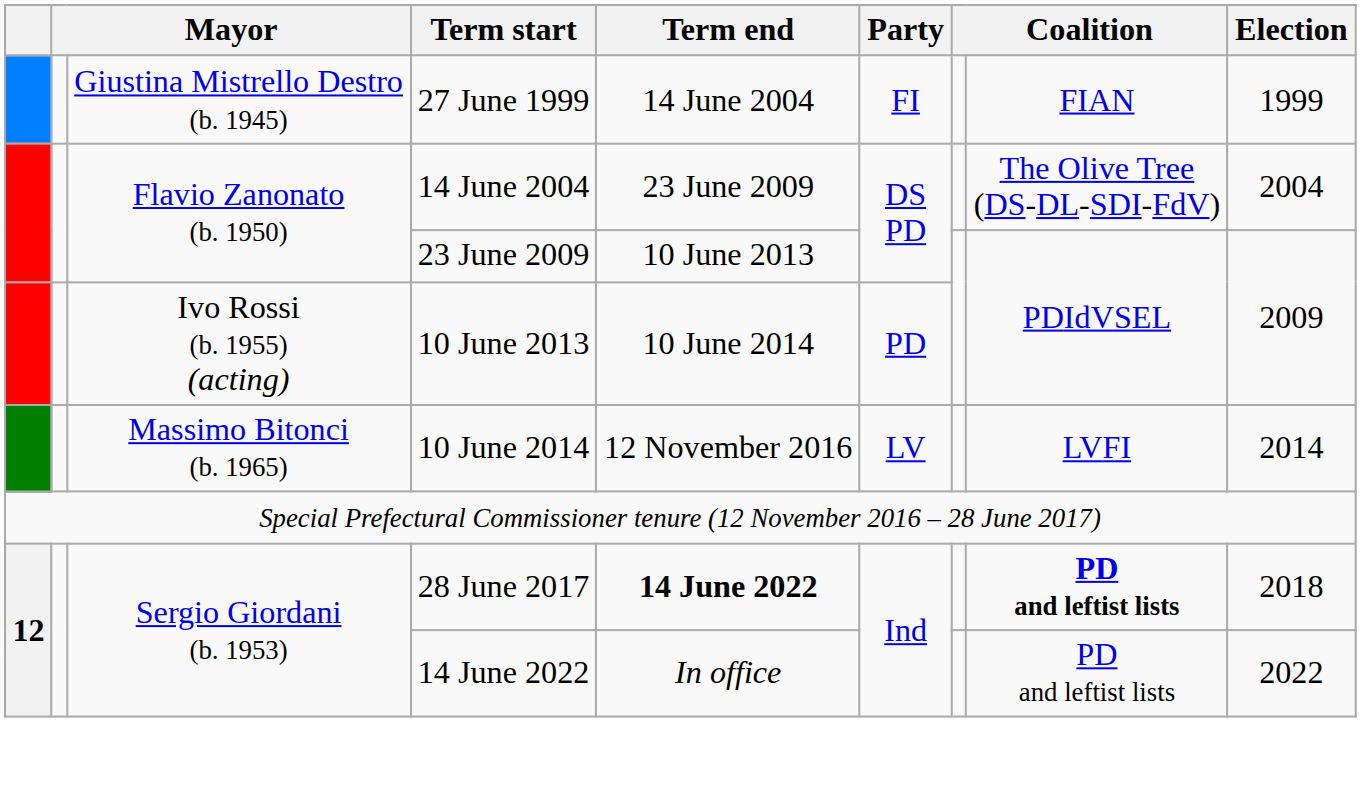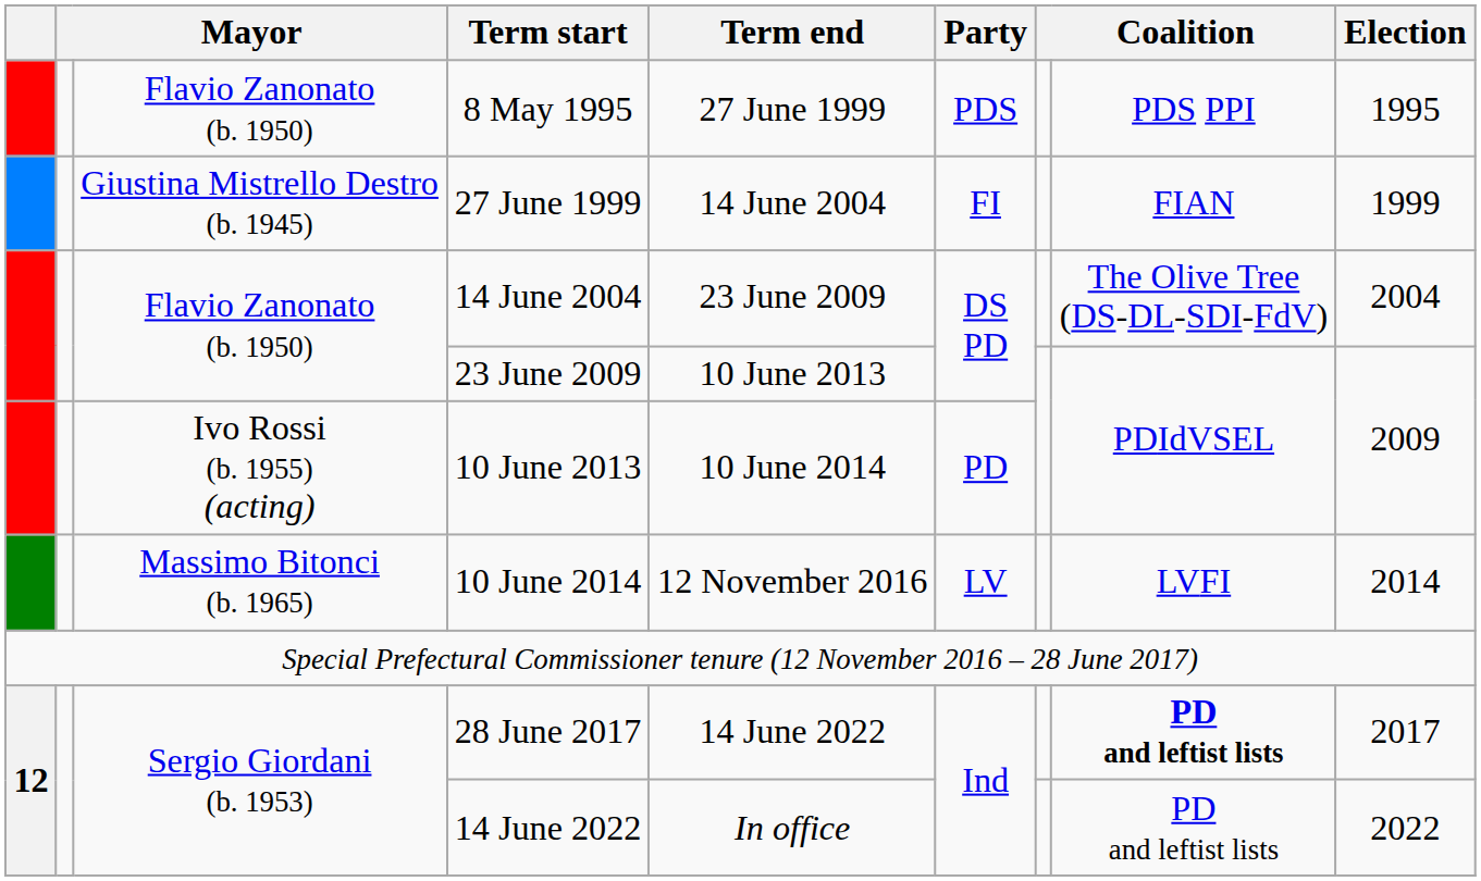 <table class="wikitable" style="text-align: center;">
 <tr>
 <th class=unsortable> </th>
 <th colspan=2>Mayor</th>
 <th>Term start</th>
 <th>Term end</th>
 <th>Party</th>
 <th colspan="2">Coalition</th>
 <th>Election</th>
+</tr>
+<tr>
+<th style="background:#FF0000;"></th>
+<td></td>
+<td><a href='#'>Flavio Zanonato</a> <br><small>(b. 1950)</small></td>
+<td>8 May 1995</td>
+<td>27 June 1999</td>
+<td><a href='#'>PDS</a></td>
+<td style="background: "></td>
+<td><a href='#'>PDS</a>  <a href='#'>PPI</a></td>
+<td>1995</td>
 </tr>
 <tr>
 <th style="background:#007FFF;"></th>
 <td></td>
 <td><a href='#'>Giustina Mistrello Destro</a><br><small>(b. 1945)</small></td>
 <td>27 June 1999</td>
 <td>14 June 2004</td>
 <td><a href='#'>FI</a></td>
 <td style="background: "></td>
 <td><a href='#'>FI</a><a href='#'>AN</a></td>
 <td>1999</td>
 </tr>
 <tr>
 <th rowspan=2 style="background:#FF0000;"></th>
 <td rowspan=2></td>
 <td rowspan=2><a href='#'>Flavio Zanonato</a> <br><small>(b. 1950)</small></td>
 <td>14 June 2004</td>
 <td>23 June 2009</td>
 <td rowspan=2><a href='#'>DS</a><br><a href='#'>PD</a></td>
 <td style="background: "></td>
 <td><a href='#'>The Olive Tree</a><br>(<a href='#'>DS</a>-<a href='#'>DL</a>-<a href='#'>SDI</a>-<a href='#'>FdV</a>)</td>
 <td>2004</td>
 </tr>
 <tr>
 <td>23 June 2009</td>
 <td>10 June 2013</td>
 <td rowspan=2 style="background: "></td>
 <td rowspan=2><a href='#'>PD</a><a href='#'>IdV</a><a href='#'>SEL</a></td>
 <td rowspan=2>2009</td>
 </tr>
 <tr>
 <th style="background:#FF0000;"></th>
 <td></td>
 <td>Ivo Rossi <br><small>(b. 1955)</small><br><em>(acting)</em></td>
 <td>10 June 2013</td>
 <td>10 June 2014</td>
 <td><a href='#'>PD</a></td>
 </tr>
 <tr>
 <th style="background:#008000;"></th>
 <td></td>
 <td><a href='#'>Massimo Bitonci</a> <br><small>(b. 1965)</small></td>
 <td>10 June 2014</td>
 <td>12 November 2016</td>
 <td><a href='#'>LV</a></td>
 <td style="background: "></td>
 <td><a href='#'>LV</a><a href='#'>FI</a></td>
 <td>2014</td>
 </tr>
 <tr>
 <td colspan=9><small><em>Special Prefectural Commissioner tenure (12 November 2016 – 28 June 2017)</em></small></td>
 </tr>
 <tr>
 <th rowspan= 2style="background:;">12</th>
 <td rowspan=2></td>
 <td rowspan=2><a href='#'>Sergio Giordani</a> <br><small>(b. 1953)</small></td>
 <td>28 June 2017</td>
-<td><strong>14 June 2022</strong></td>
+<td>14 June 2022</td>
 <td rowspan=2><a href='#'>Ind</a></td>
 <td style="background: "></td>
 <td><strong><a href='#'>PD</a><br><small>and leftist lists</small></strong></td>
-<td>2018</td>
+<td>2017</td>
 </tr>
 <tr>
 <td>14 June 2022</td>
 <td><em>In office</em></td>
 <td style="background: "></td>
 <td><a href='#'>PD</a><br><small>and leftist lists</small></td>
 <td>2022</td>
 </tr>
 </table>
